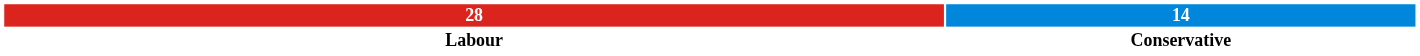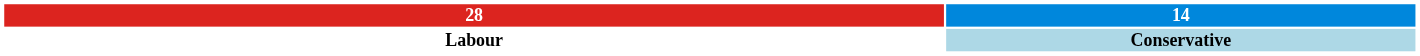 <table style="width:100%; text-align:center;">
 <tr style="color:white;">
 <td style="background:#dc241f; width:66.7%"><strong>28</strong></td>
 <td style="background:#0087dc; width:33.3%;"><strong>14</strong></td>
 </tr>
 <tr>
 <td><span><strong>Labour</strong></span></td>
-<td><span><strong>Conservative</strong></span></td>
+<td style="background: lightblue;"><span><strong>Conservative</strong></span></td>
 </tr>
 </table>
